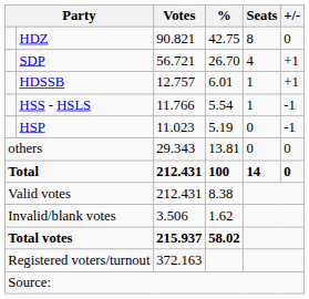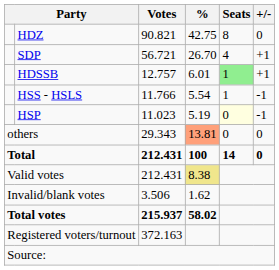 <table class="wikitable" style="text-align: left;">
 <tr>
 <th colspan="2">Party</th>
 <th>Votes</th>
 <th>%</th>
 <th>Seats</th>
 <th>+/-</th>
 </tr>
 <tr>
 <td style="background-color: "></td>
 <td><a href='#'>HDZ</a></td>
 <td>90.821</td>
 <td>42.75</td>
 <td>8</td>
 <td>0</td>
 </tr>
 <tr>
 <td style="background-color: "></td>
 <td><a href='#'>SDP</a></td>
 <td>56.721</td>
 <td>26.70</td>
 <td>4</td>
 <td>+1</td>
 </tr>
 <tr>
 <td style="background-color: "></td>
 <td><a href='#'>HDSSB</a></td>
 <td>12.757</td>
 <td>6.01</td>
-<td>1</td>
+<td style="background: lightgreen;">1</td>
 <td>+1</td>
 </tr>
 <tr>
 <td style="background-color: "></td>
 <td><a href='#'>HSS</a> - <a href='#'>HSLS</a></td>
 <td>11.766</td>
 <td>5.54</td>
 <td>1</td>
 <td>-1</td>
 </tr>
 <tr>
 <td style="background-color: "></td>
 <td><a href='#'>HSP</a></td>
 <td>11.023</td>
 <td>5.19</td>
-<td>0</td>
+<td style="background: lightyellow;">0</td>
 <td>-1</td>
 </tr>
 <tr>
 <td colspan="2">others</td>
 <td>29.343</td>
-<td>13.81</td>
+<td style="background: lightsalmon;">13.81</td>
 <td>0</td>
 <td>0</td>
 </tr>
 <tr>
 <td colspan="2"><strong>Total</strong></td>
 <td><strong>212.431</strong></td>
 <td><strong>100</strong></td>
 <td><strong>14</strong></td>
 <td><strong>0</strong></td>
 </tr>
 <tr>
 <td colspan="2">Valid votes</td>
 <td>212.431</td>
-<td>8.38</td>
+<td style="background: khaki;">8.38</td>
 <td colspan="2"></td>
 </tr>
 <tr>
 <td colspan="2">Invalid/blank votes</td>
 <td>3.506</td>
 <td>1.62</td>
 <td colspan="2"></td>
 </tr>
 <tr>
 <td colspan="2"><strong>Total votes</strong></td>
 <td><strong>215.937</strong></td>
 <td><strong>58.02</strong></td>
 <td colspan="2"></td>
 </tr>
 <tr>
 <td colspan="2">Registered voters/turnout</td>
 <td votes14="5343">372.163</td>
 <td></td>
 <td colspan="2"></td>
 </tr>
 <tr>
 <td colspan="6">Source: </td>
 </tr>
 </table>
